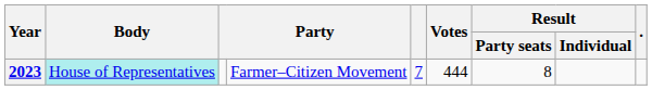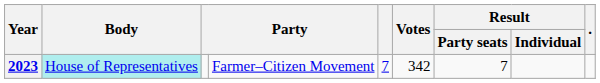 <table class="wikitable plainrowheaders sortable" border=2 cellpadding=4 cellspacing=0 style="border: 1px #aaa solid; font-size: 90%; text-align:center;">
 <tr>
 <th scope="col" rowspan=2>Year</th>
 <th scope="col" rowspan=2>Body</th>
 <th scope="col" colspan=2 rowspan=2>Party</th>
 <th scope="col" rowspan=2></th>
 <th scope="col" rowspan=2>Votes</th>
 <th scope="colgroup" colspan=2>Result</th>
 <th scope="col" rowspan=2 class="unsortable">.</th>
 </tr>
 <tr>
 <th scope="col">Party seats</th>
 <th scope="col">Individual</th>
 </tr>
 <tr>
 <th scope="row"><a href='#'>2023</a></th>
 <td style="background: paleturquoise;"><a href='#'>House of Representatives</a></td>
 <td style="background-color:"></td>
 <td><a href='#'>Farmer–Citizen Movement</a></td>
 <td style=text-align:right><a href='#'>7</a></td>
-<td style=text-align:right>444</td>
-<td style=text-align:right>8</td>
+<td style=text-align:right>342</td>
+<td style=text-align:right>7</td>
 <td></td>
 <td></td>
 </tr>
 </table>
